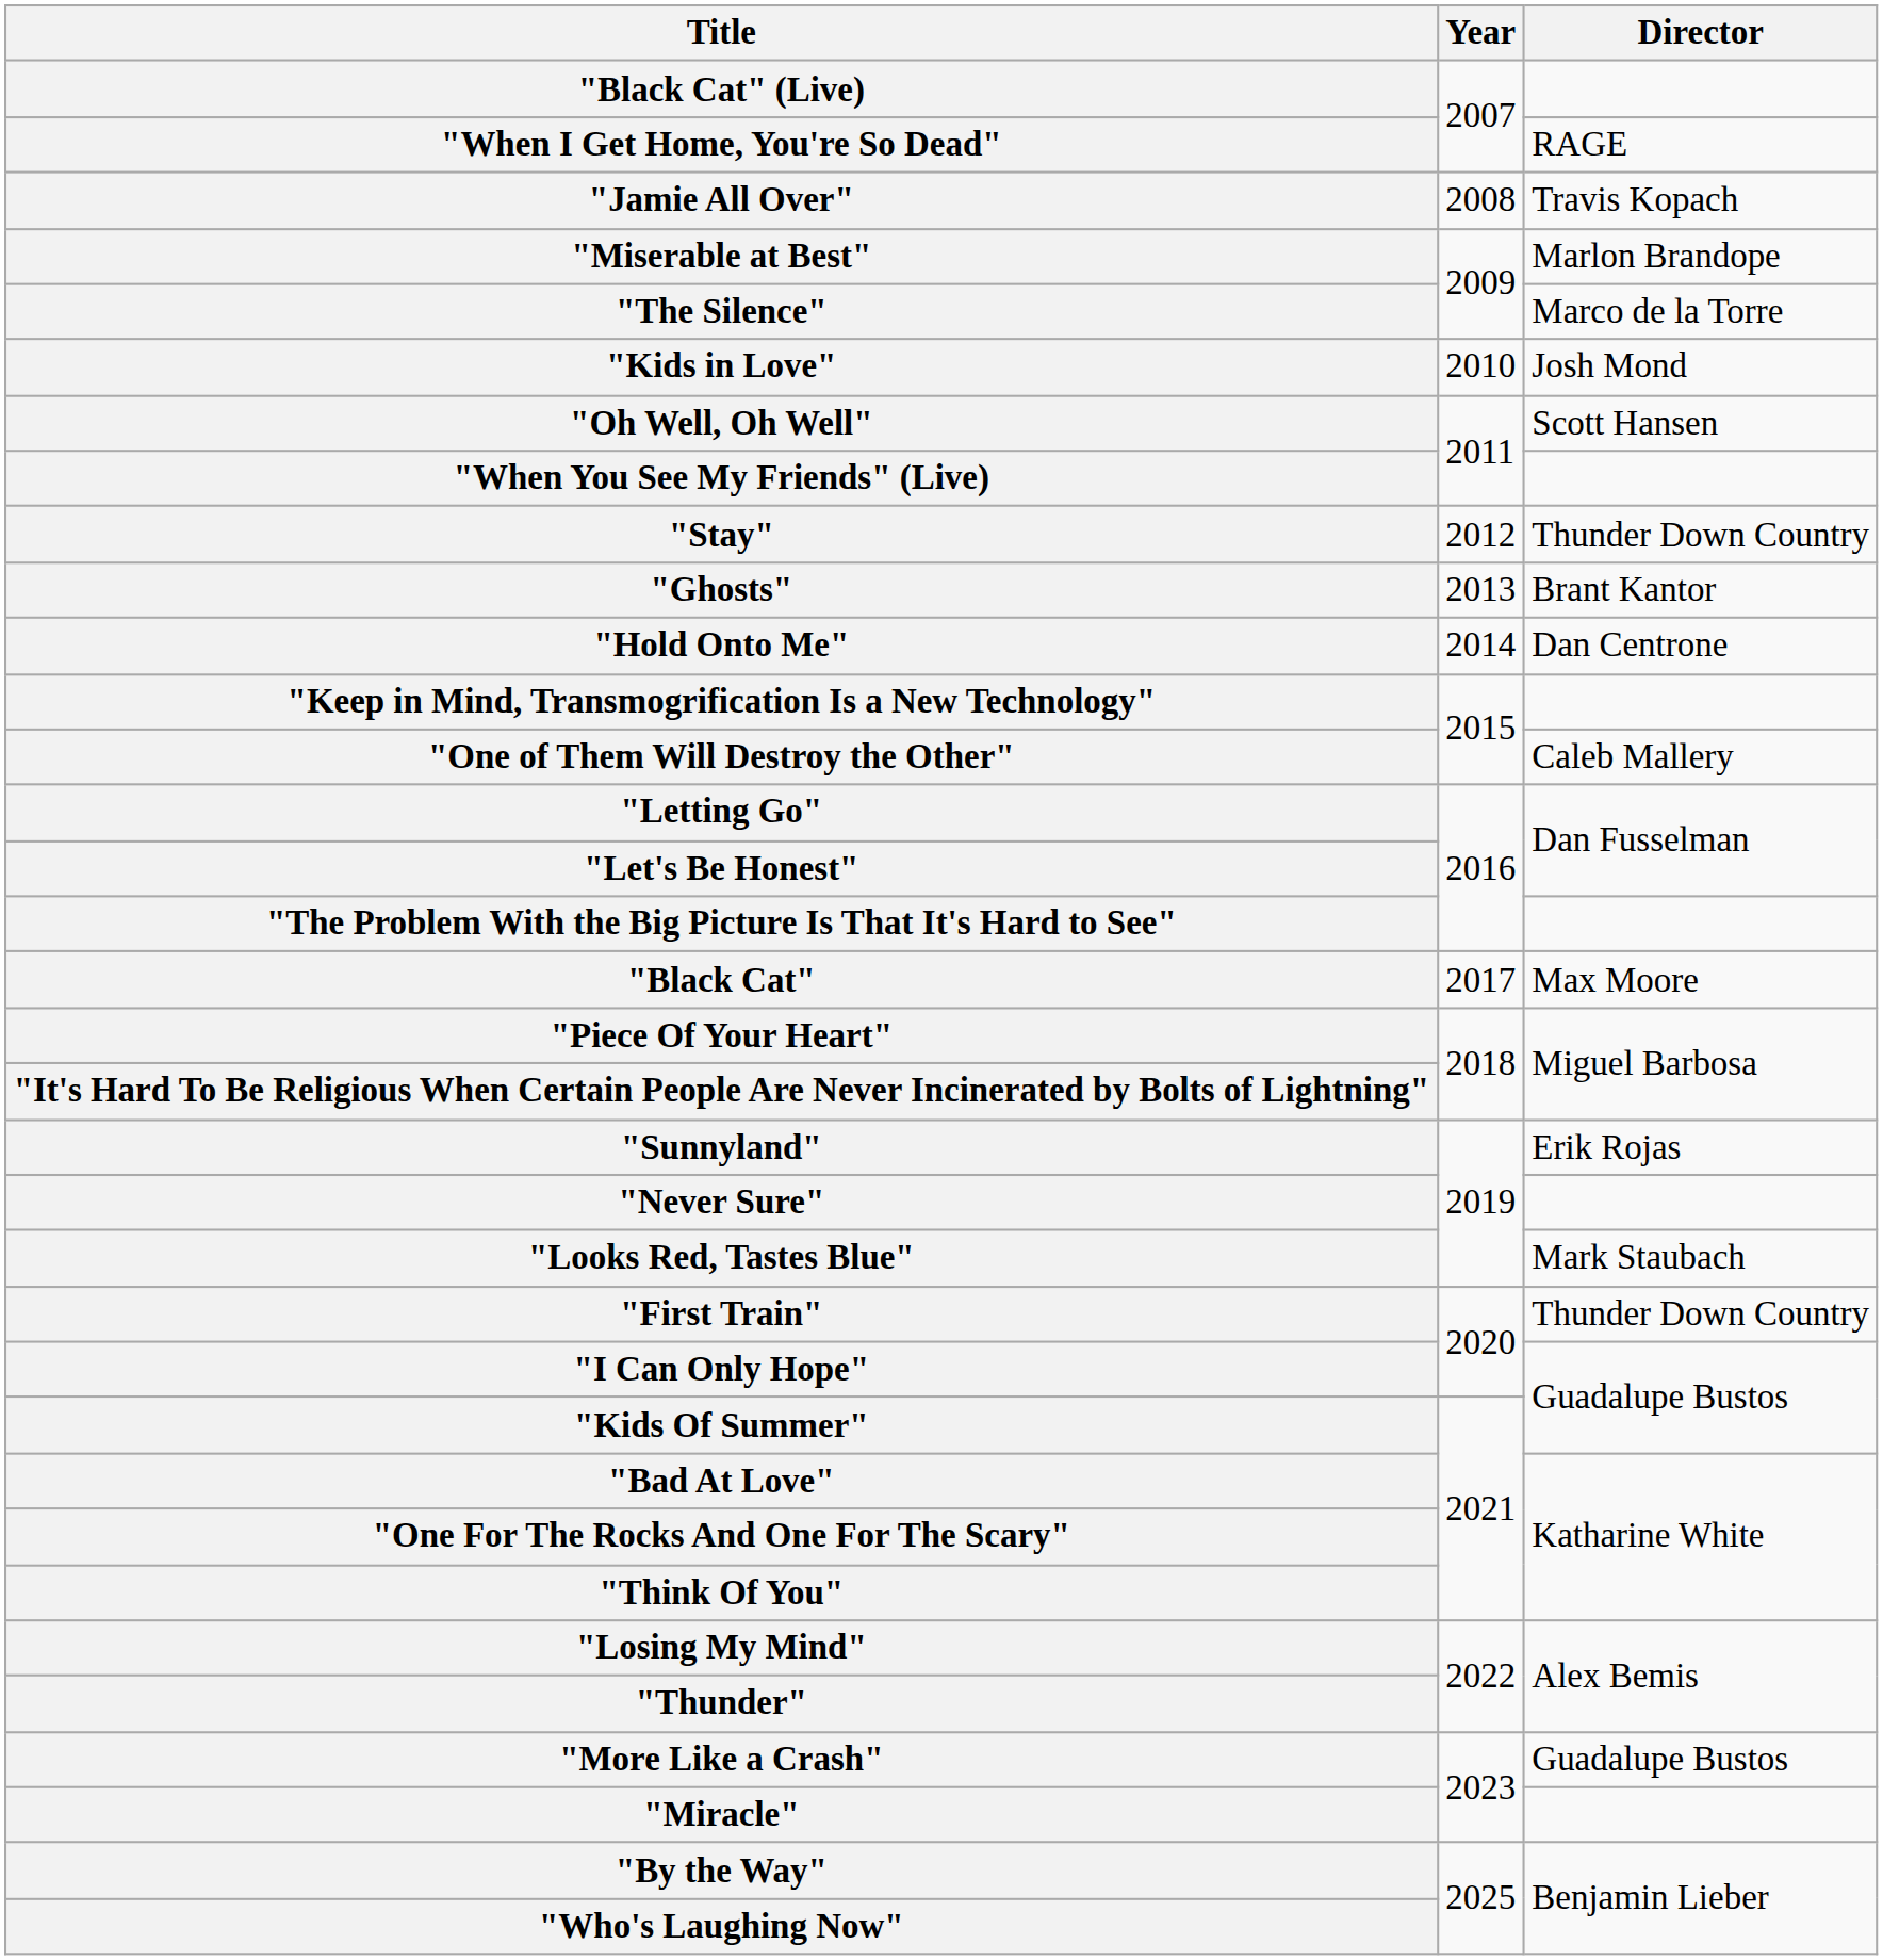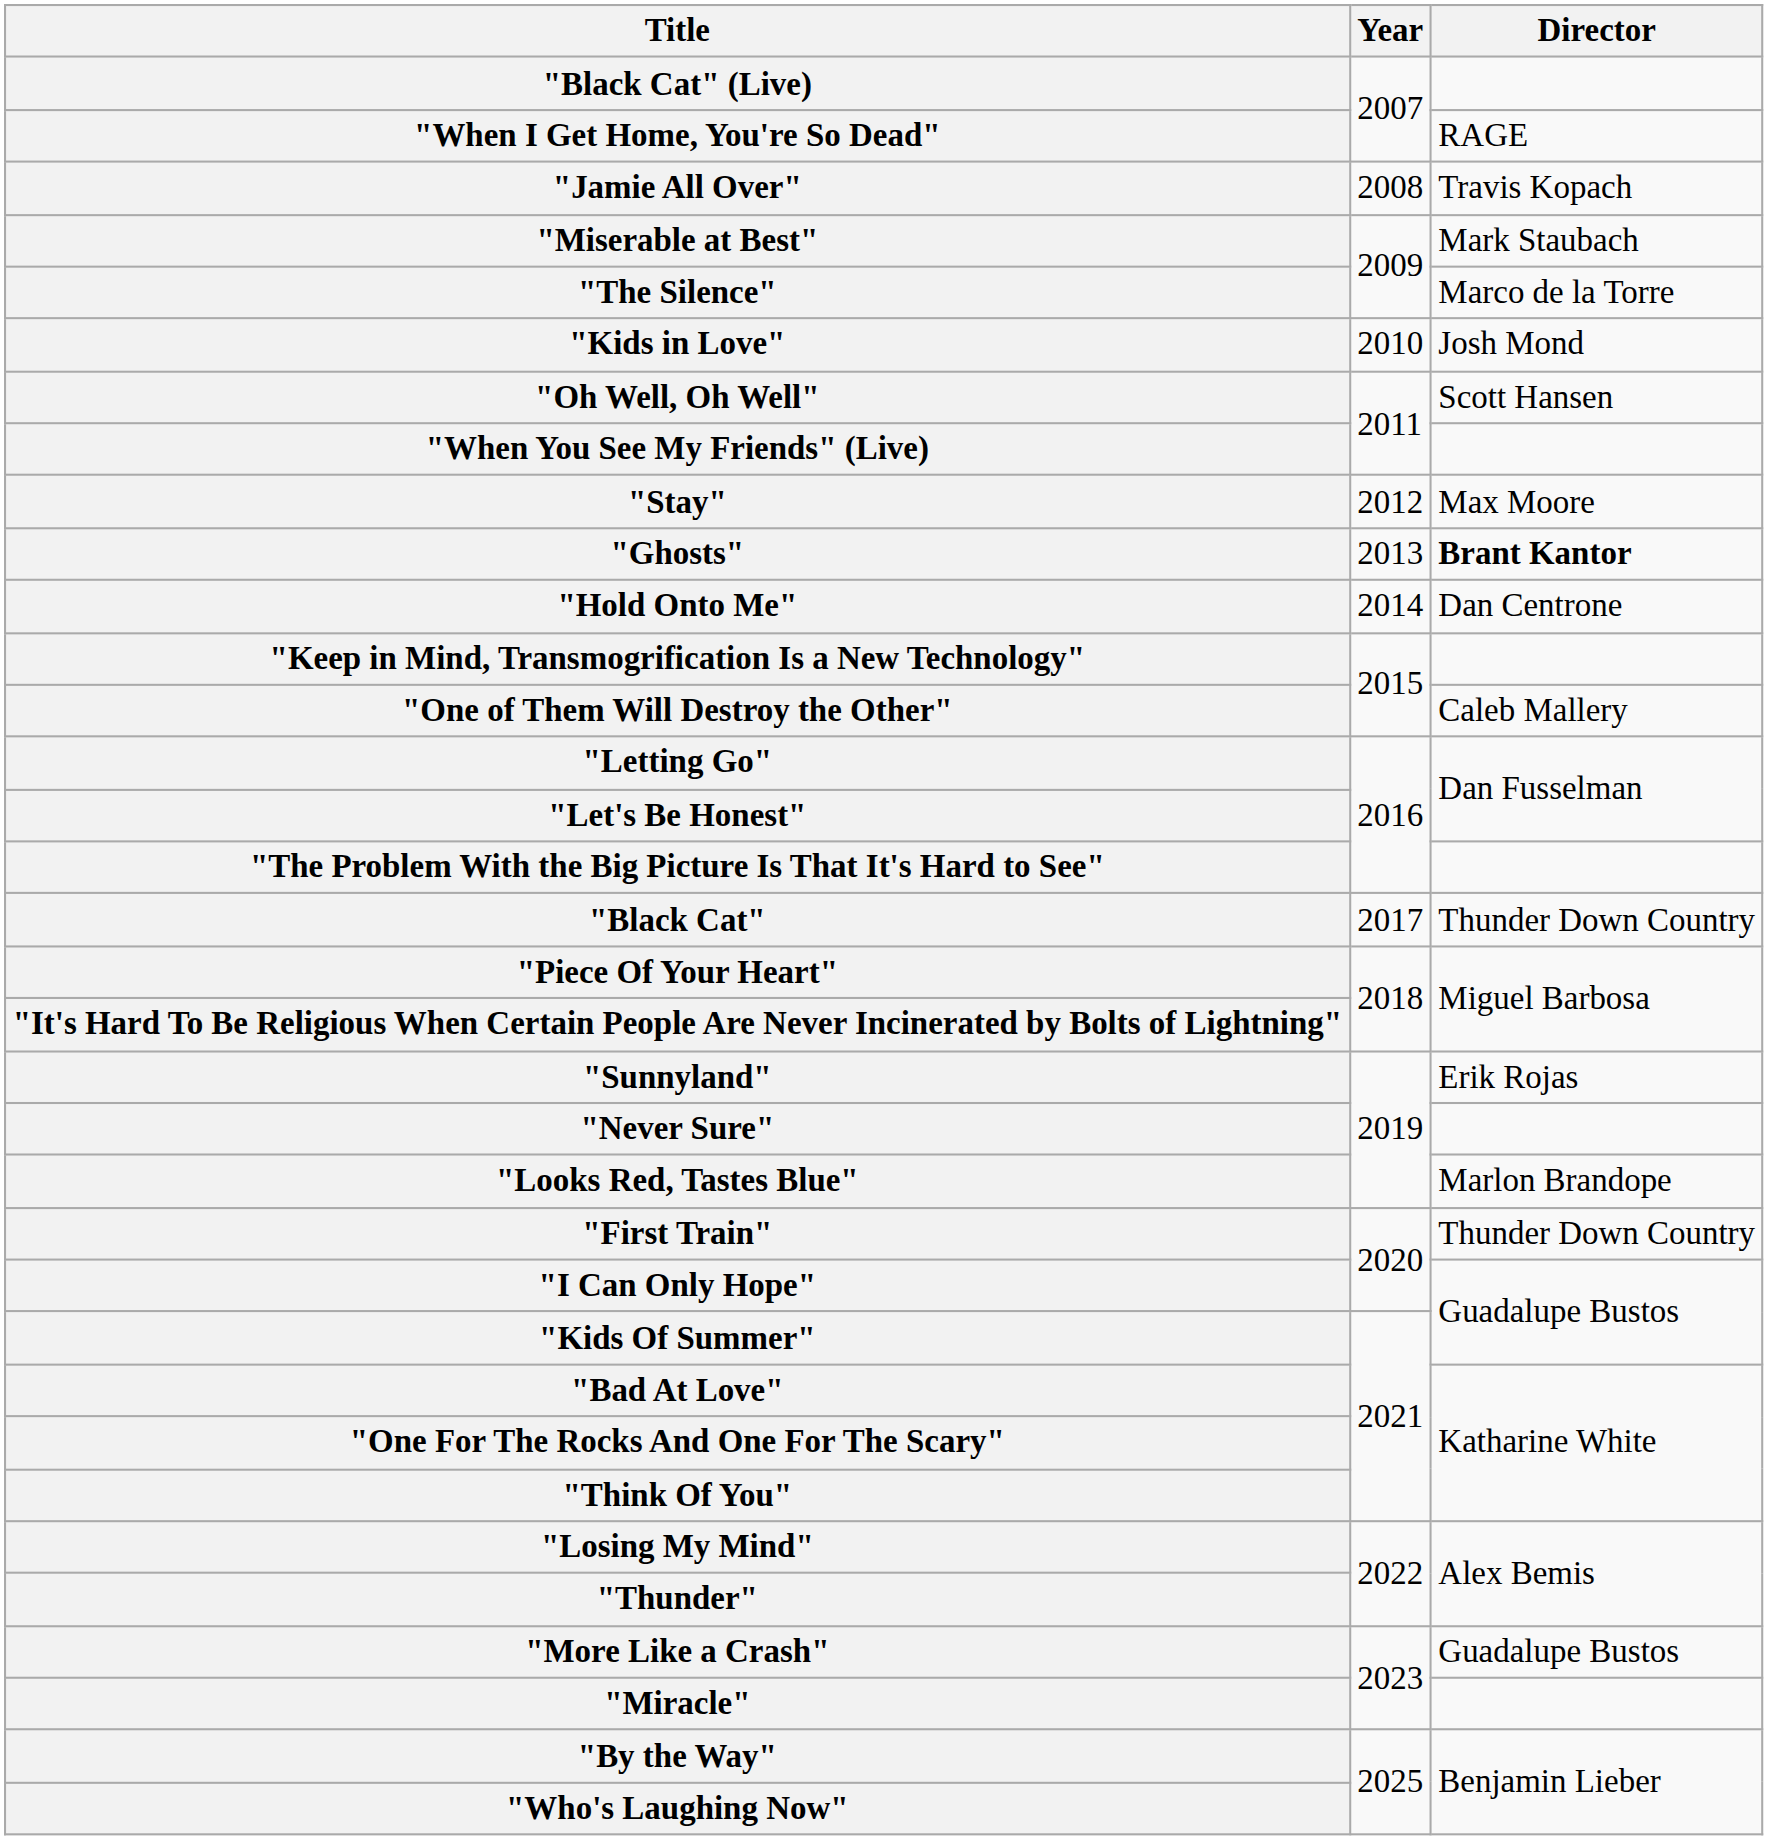 <table class="wikitable plainrowheaders">
 <tr>
 <th>Title</th>
 <th>Year</th>
 <th>Director</th>
 </tr>
 <tr>
 <th scope="row">"Black Cat" (Live)</th>
 <td rowspan="2">2007</td>
 <td></td>
 </tr>
 <tr>
 <th scope="row">"When I Get Home, You're So Dead"</th>
 <td>RAGE</td>
 </tr>
 <tr>
 <th scope="row">"Jamie All Over"</th>
 <td>2008</td>
 <td>Travis Kopach</td>
 </tr>
 <tr>
 <th scope="row">"Miserable at Best"</th>
 <td rowspan="2">2009</td>
-<td>Marlon Brandope</td>
+<td>Mark Staubach</td>
 </tr>
 <tr>
 <th scope="row">"The Silence"</th>
 <td>Marco de la Torre</td>
 </tr>
 <tr>
 <th scope="row">"Kids in Love"</th>
 <td>2010</td>
 <td>Josh Mond</td>
 </tr>
 <tr>
 <th scope="row">"Oh Well, Oh Well"</th>
 <td rowspan="2">2011</td>
 <td>Scott Hansen</td>
 </tr>
 <tr>
 <th scope="row">"When You See My Friends" (Live)</th>
 <td></td>
 </tr>
 <tr>
 <th scope="row">"Stay"</th>
 <td>2012</td>
-<td>Thunder Down Country</td>
+<td>Max Moore</td>
 </tr>
 <tr>
 <th scope="row">"Ghosts"</th>
 <td>2013</td>
-<td>Brant Kantor</td>
+<td><strong>Brant Kantor</strong></td>
 </tr>
 <tr>
 <th scope="row">"Hold Onto Me"</th>
 <td>2014</td>
 <td>Dan Centrone</td>
 </tr>
 <tr>
 <th scope="row">"Keep in Mind, Transmogrification Is a New Technology"</th>
 <td rowspan="2">2015</td>
 <td></td>
 </tr>
 <tr>
 <th scope="row">"One of Them Will Destroy the Other"</th>
 <td>Caleb Mallery</td>
 </tr>
 <tr>
 <th scope="row">"Letting Go"</th>
 <td rowspan="3">2016</td>
 <td rowspan="2">Dan Fusselman</td>
 </tr>
 <tr>
 <th scope="row">"Let's Be Honest"</th>
 </tr>
 <tr>
 <th scope="row">"The Problem With the Big Picture Is That It's Hard to See"</th>
 <td></td>
 </tr>
 <tr>
 <th scope="row">"Black Cat"</th>
 <td>2017</td>
-<td>Max Moore</td>
+<td>Thunder Down Country</td>
 </tr>
 <tr>
 <th scope="row">"Piece Of Your Heart"</th>
 <td rowspan="2">2018</td>
 <td rowspan="2">Miguel Barbosa</td>
 </tr>
 <tr>
 <th scope="row">"It's Hard To Be Religious When Certain People Are Never Incinerated by Bolts of Lightning"</th>
 </tr>
 <tr>
 <th scope="row">"Sunnyland"</th>
 <td rowspan="3">2019</td>
 <td>Erik Rojas</td>
 </tr>
 <tr>
 <th scope="row">"Never Sure"</th>
 <td></td>
 </tr>
 <tr>
 <th scope="row">"Looks Red, Tastes Blue"</th>
-<td>Mark Staubach</td>
+<td>Marlon Brandope</td>
 </tr>
 <tr>
 <th scope="row">"First Train"</th>
 <td rowspan="2">2020</td>
 <td>Thunder Down Country</td>
 </tr>
 <tr>
 <th scope="row">"I Can Only Hope"</th>
 <td rowspan="2">Guadalupe Bustos</td>
 </tr>
 <tr>
 <th scope="row">"Kids Of Summer"</th>
 <td rowspan="4">2021</td>
 </tr>
 <tr>
 <th scope="row">"Bad At Love"</th>
 <td rowspan="3">Katharine White</td>
 </tr>
 <tr>
 <th scope="row">"One For The Rocks And One For The Scary"</th>
 </tr>
 <tr>
 <th scope="row">"Think Of You"</th>
 </tr>
 <tr>
 <th scope="row">"Losing My Mind"</th>
 <td rowspan="2">2022</td>
 <td rowspan="2">Alex Bemis</td>
 </tr>
 <tr>
 <th scope="row">"Thunder"</th>
 </tr>
 <tr>
 <th scope="row">"More Like a Crash"</th>
 <td rowspan="2">2023</td>
 <td>Guadalupe Bustos</td>
 </tr>
 <tr>
 <th scope="row">"Miracle"</th>
 <td></td>
 </tr>
 <tr>
 <th scope="row">"By the Way"</th>
 <td rowspan="2">2025</td>
 <td rowspan="2">Benjamin Lieber</td>
 </tr>
 <tr>
 <th scope="row">"Who's Laughing Now"</th>
 </tr>
 </table>
